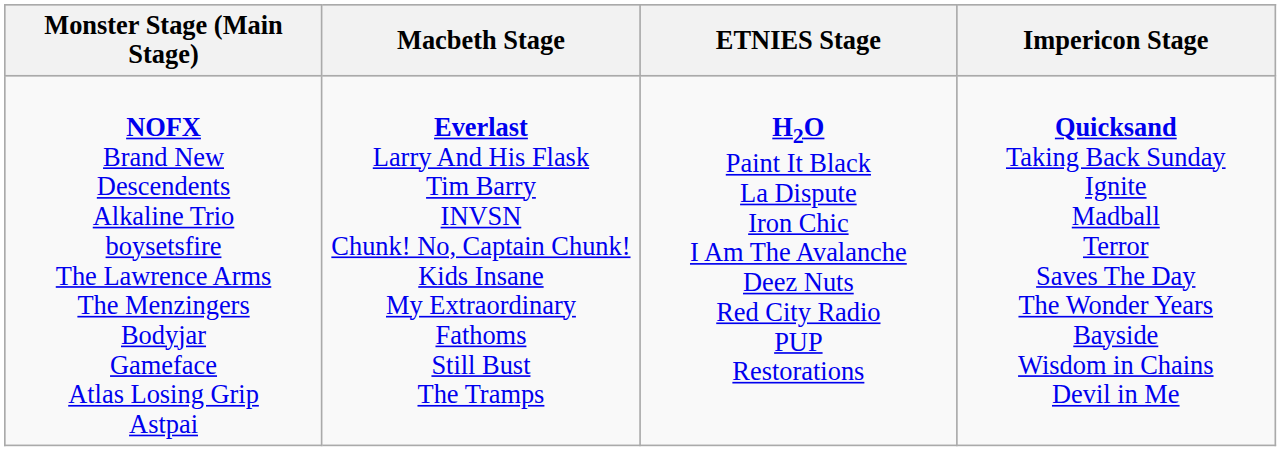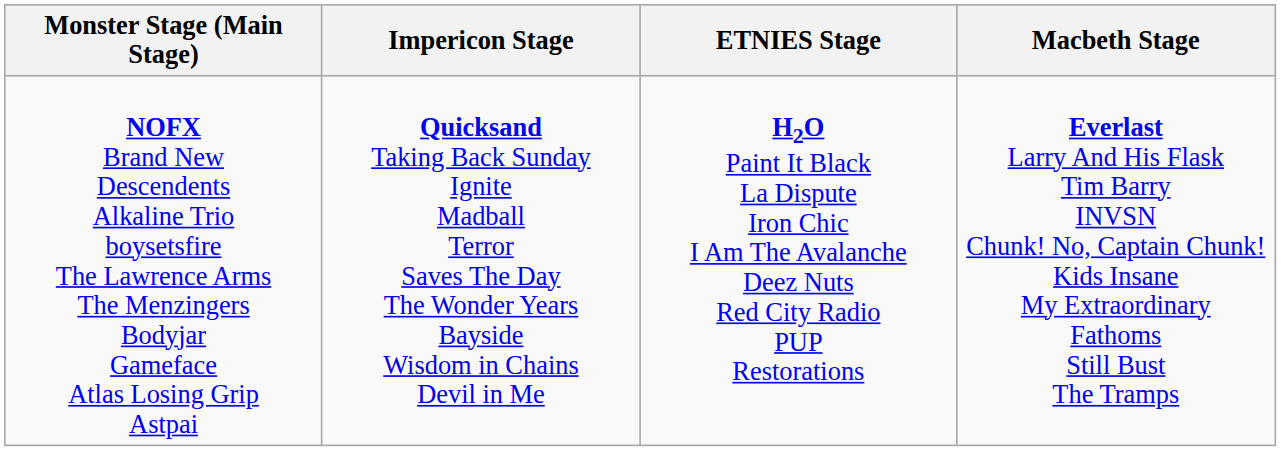 <table class="wikitable">
 <tr>
 <th>Monster Stage (Main Stage)</th>
+<th>Impericon Stage</th>
+<th>ETNIES Stage</th>
 <th>Macbeth Stage</th>
-<th>ETNIES Stage</th>
-<th>Impericon Stage</th>
 </tr>
 <tr>
 <td style="text-align:center; vertical-align:top; width:185px;"><br><strong><a href='#'>NOFX</a></strong> <br><a href='#'>Brand New</a> <br><a href='#'>Descendents</a> <br><a href='#'>Alkaline Trio</a> <br><a href='#'>boysetsfire</a> <br><a href='#'>The Lawrence Arms</a> <br><a href='#'>The Menzingers</a> <br><a href='#'>Bodyjar</a> <br><a href='#'>Gameface</a> <br><a href='#'>Atlas Losing Grip</a> <br><a href='#'>Astpai</a></td>
+<td style="text-align:center; vertical-align:top; width:185px;"><br><strong><a href='#'>Quicksand</a></strong> <br><a href='#'>Taking Back Sunday</a> <br><a href='#'>Ignite</a> <br><a href='#'>Madball</a> <br><a href='#'>Terror</a> <br><a href='#'>Saves The Day</a> <br><a href='#'>The Wonder Years</a> <br><a href='#'>Bayside</a> <br><a href='#'>Wisdom in Chains</a> <br><a href='#'>Devil in Me</a></td>
+<td style="text-align:center; vertical-align:top; width:185px;"><br><strong><a href='#'>H<sub>2</sub>O</a></strong> <br><a href='#'>Paint It Black</a> <br><a href='#'>La Dispute</a> <br><a href='#'>Iron Chic</a> <br><a href='#'>I Am The Avalanche</a> <br><a href='#'>Deez Nuts</a> <br><a href='#'>Red City Radio</a> <br><a href='#'>PUP</a> <br><a href='#'>Restorations</a></td>
 <td style="text-align:center; vertical-align:top; width:185px;"><br><strong><a href='#'>Everlast</a></strong> <br><a href='#'>Larry And His Flask</a> <br><a href='#'>Tim Barry</a> <br><a href='#'>INVSN</a> <br><a href='#'>Chunk! No, Captain Chunk!</a> <br><a href='#'>Kids Insane</a> <br><a href='#'>My Extraordinary</a> <br><a href='#'>Fathoms</a> <br><a href='#'>Still Bust</a> <br><a href='#'>The Tramps</a></td>
-<td style="text-align:center; vertical-align:top; width:185px;"><br><strong><a href='#'>H<sub>2</sub>O</a></strong> <br><a href='#'>Paint It Black</a> <br><a href='#'>La Dispute</a> <br><a href='#'>Iron Chic</a> <br><a href='#'>I Am The Avalanche</a> <br><a href='#'>Deez Nuts</a> <br><a href='#'>Red City Radio</a> <br><a href='#'>PUP</a> <br><a href='#'>Restorations</a></td>
-<td style="text-align:center; vertical-align:top; width:185px;"><br><strong><a href='#'>Quicksand</a></strong> <br><a href='#'>Taking Back Sunday</a> <br><a href='#'>Ignite</a> <br><a href='#'>Madball</a> <br><a href='#'>Terror</a> <br><a href='#'>Saves The Day</a> <br><a href='#'>The Wonder Years</a> <br><a href='#'>Bayside</a> <br><a href='#'>Wisdom in Chains</a> <br><a href='#'>Devil in Me</a></td>
 </tr>
 </table>
